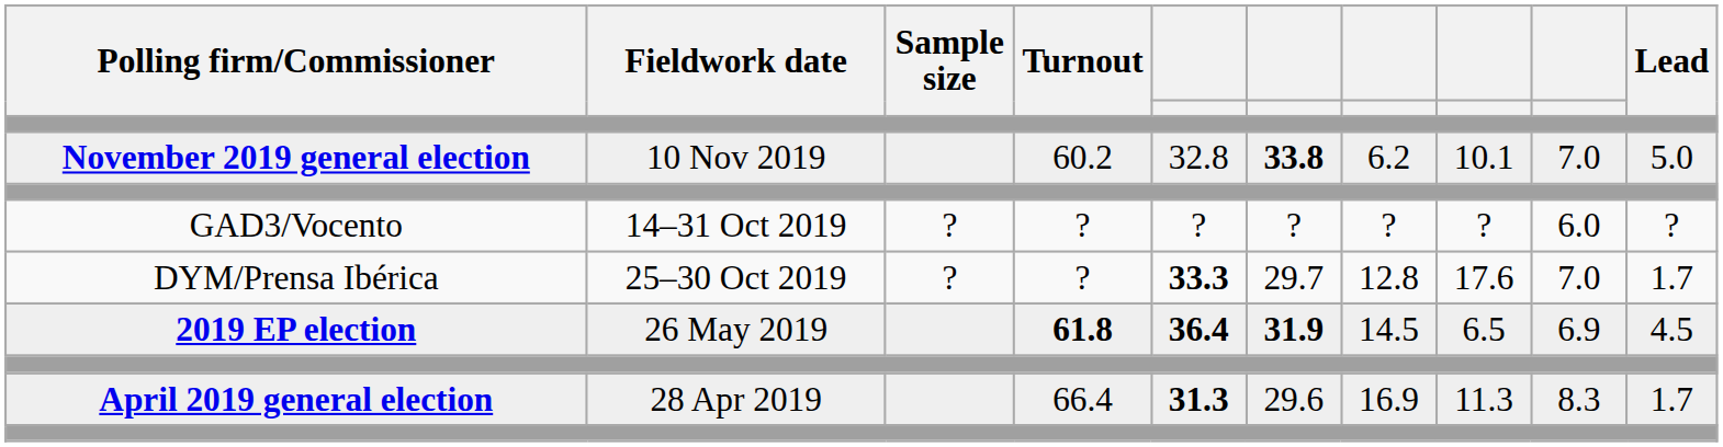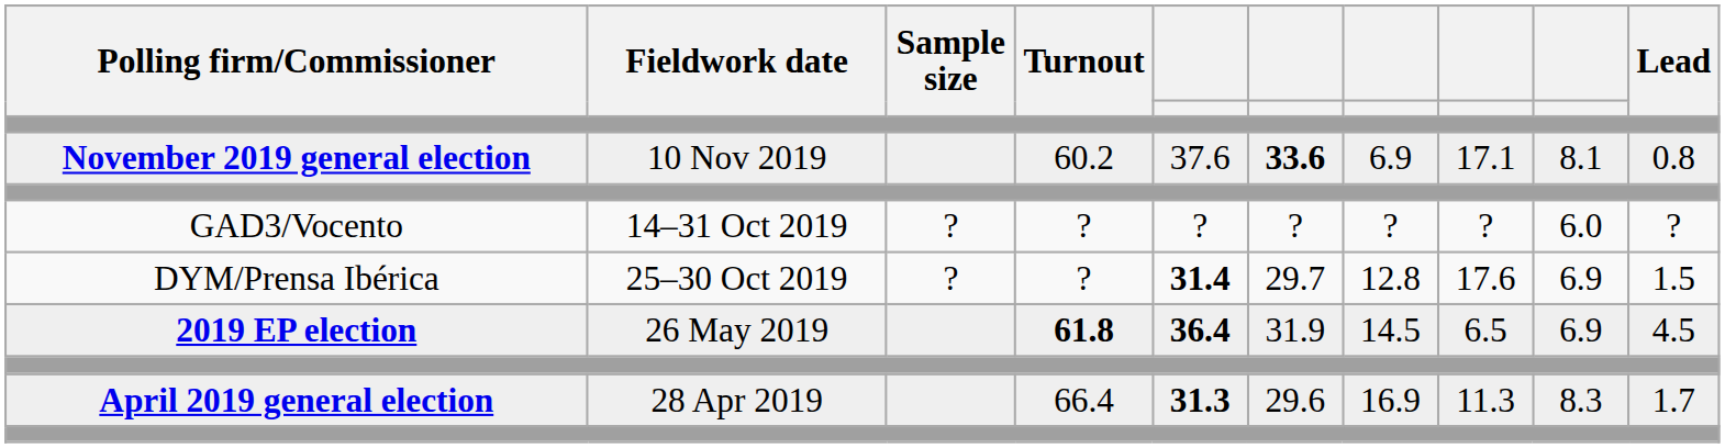 <table class="wikitable collapsible collapsed" style="text-align:center; font-size:95%; line-height:16px;">
 <tr style="height:42px;">
 <th style="width:250px;" rowspan="2">Polling firm/Commissioner</th>
 <th style="width:125px;" rowspan="2">Fieldwork date</th>
 <th style="width:50px;" rowspan="2">Sample size</th>
 <th style="width:45px;" rowspan="2">Turnout</th>
 <th style="width:35px;"></th>
 <th style="width:35px;"></th>
 <th style="width:35px;"></th>
 <th style="width:35px;"></th>
 <th style="width:35px;"></th>
 <th style="width:30px;" rowspan="2">Lead</th>
 </tr>
 <tr>
 <th style="color:inherit;background:"></th>
 <th style="color:inherit;background:"></th>
 <th style="color:inherit;background:"></th>
 <th style="color:inherit;background:"></th>
 <th style="color:inherit;background:"></th>
 </tr>
 <tr>
 <td colspan="10" style="background:#A0A0A0"></td>
 </tr>
 <tr style="background:#EFEFEF;">
 <td><strong><a href='#'>November 2019 general election</a></strong></td>
 <td>10 Nov 2019</td>
 <td></td>
 <td>60.2</td>
-<td>32.8<br></td>
-<td><strong>33.8</strong><br></td>
-<td>6.2<br></td>
-<td>10.1<br></td>
-<td>7.0<br></td>
-<td style="background:">5.0</td>
+<td>37.6<br></td>
+<td><strong>33.6</strong><br></td>
+<td>6.9<br></td>
+<td>17.1<br></td>
+<td>8.1<br></td>
+<td style="background:">0.8</td>
 </tr>
 <tr>
 <td colspan="10" style="background:#A0A0A0"></td>
 </tr>
 <tr>
 <td>GAD3/Vocento</td>
 <td>14–31 Oct 2019</td>
 <td>?</td>
 <td>?</td>
 <td>?<br></td>
 <td>?<br></td>
 <td>?<br></td>
 <td>?<br></td>
 <td>6.0<br></td>
 <td style="background:">?</td>
 </tr>
 <tr>
 <td>DYM/Prensa Ibérica</td>
 <td>25–30 Oct 2019</td>
 <td>?</td>
 <td>?</td>
-<td><strong>33.3</strong><br></td>
+<td><strong>31.4</strong><br></td>
 <td>29.7<br></td>
 <td>12.8<br></td>
 <td>17.6<br></td>
-<td>7.0<br></td>
-<td style="background:">1.7</td>
+<td>6.9<br></td>
+<td style="background:">1.5</td>
 </tr>
 <tr style="background:#EFEFEF;">
 <td><strong><a href='#'>2019 EP election</a></strong></td>
 <td>26 May 2019</td>
 <td></td>
 <td><strong>61.8</strong></td>
 <td><strong>36.4</strong><br></td>
-<td><strong>31.9<br></strong></td>
+<td>31.9<br></td>
 <td>14.5<br></td>
 <td>6.5<br></td>
 <td>6.9<br></td>
 <td style="background:">4.5</td>
 </tr>
 <tr>
 <td colspan="10" style="background:#A0A0A0"></td>
 </tr>
 <tr style="background:#EFEFEF;">
 <td><strong><a href='#'>April 2019 general election</a></strong></td>
 <td>28 Apr 2019</td>
 <td></td>
 <td>66.4</td>
 <td><strong>31.3</strong><br></td>
 <td>29.6<br></td>
 <td>16.9<br></td>
 <td>11.3<br></td>
 <td>8.3<br></td>
 <td style="background:">1.7</td>
 </tr>
 <tr>
 <td colspan="10" style="background:#A0A0A0"></td>
 </tr>
 </table>
